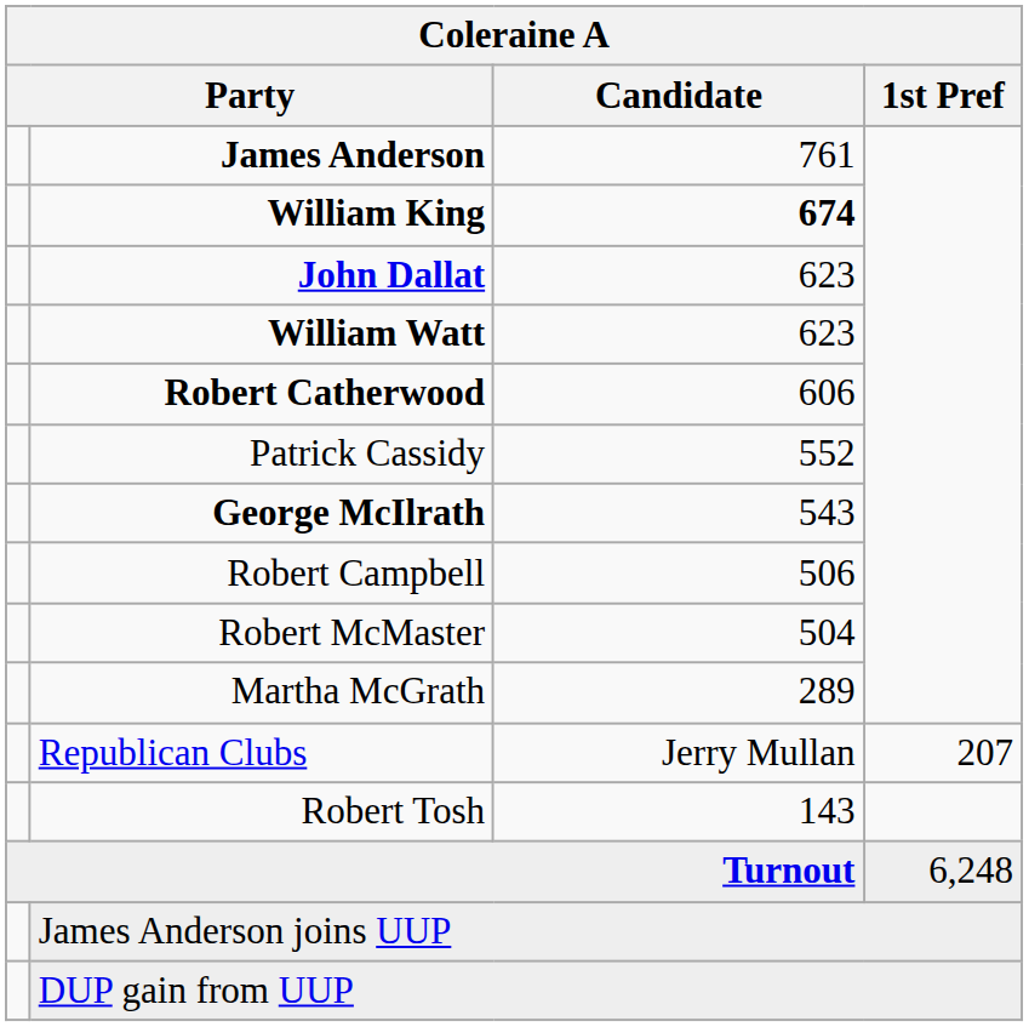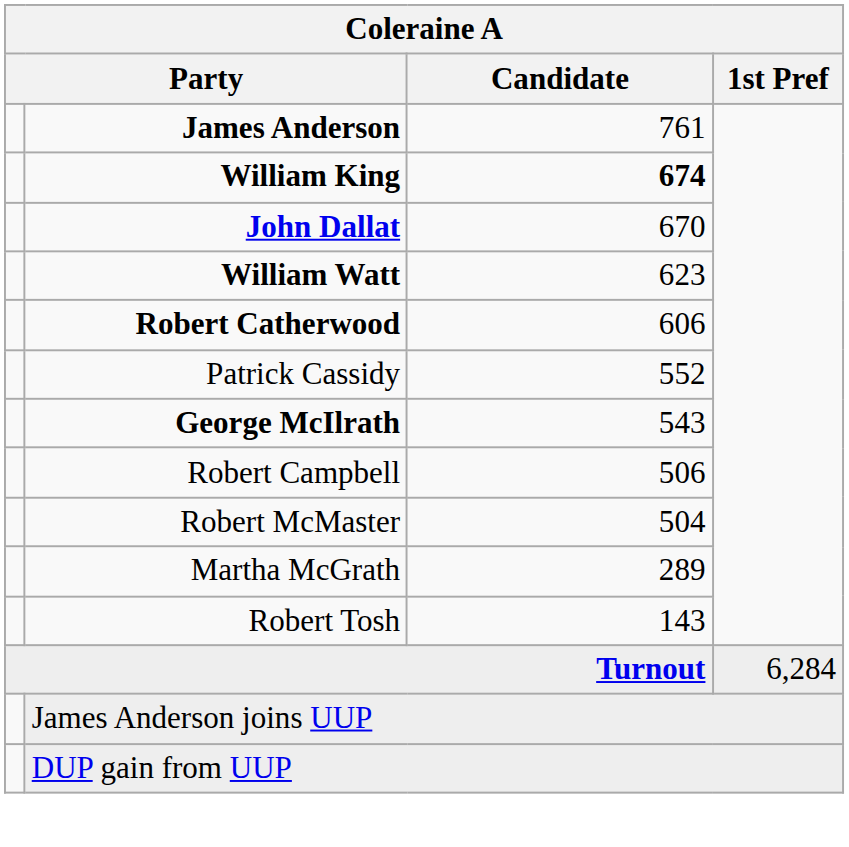 <table class="wikitable">
 <tr>
 <th colspan="4" align="center">Coleraine A</th>
 </tr>
 <tr>
 <th colspan="2" align="center" width=200>Party</th>
 <th width=150>Candidate</th>
 <th width=60>1st Pref</th>
 </tr>
 <tr>
 <td></td>
 <td align="right"><strong>James Anderson</strong></td>
 <td align="right">761</td>
 </tr>
 <tr>
 <td></td>
 <td align="right"><strong>William King</strong></td>
 <td align="right"><strong>674</strong></td>
 </tr>
 <tr>
 <td></td>
 <td align="right"><strong><a href='#'>John Dallat</a></strong></td>
-<td align="right">623</td>
+<td align="right">670</td>
 </tr>
 <tr>
 <td></td>
 <td align="right"><strong>William Watt</strong></td>
 <td align="right">623</td>
 </tr>
 <tr>
 <td></td>
 <td align="right"><strong>Robert Catherwood</strong></td>
 <td align="right">606</td>
 </tr>
 <tr>
 <td></td>
 <td align="right">Patrick Cassidy</td>
 <td align="right">552</td>
 </tr>
 <tr>
 <td></td>
 <td align="right"><strong>George McIlrath</strong></td>
 <td align="right">543</td>
 </tr>
 <tr>
 <td></td>
 <td align="right">Robert Campbell</td>
 <td align="right">506</td>
 </tr>
 <tr>
 <td></td>
 <td align="right">Robert McMaster</td>
 <td align="right">504</td>
 </tr>
 <tr>
 <td></td>
 <td align="right">Martha McGrath</td>
 <td align="right">289</td>
 </tr>
 <tr>
-<td style="background-color: "></td>
-<td><a href='#'>Republican Clubs</a></td>
-<td align="right">Jerry Mullan</td>
-<td align="right">207</td>
-</tr>
-<tr>
 <td></td>
 <td align="right">Robert Tosh</td>
 <td align="right">143</td>
 </tr>
 <tr bgcolor="EEEEEE">
 <td colspan=3 align="right"><strong><a href='#'>Turnout</a></strong></td>
-<td align="right">6,248</td>
+<td align="right">6,284</td>
 </tr>
 <tr>
 <td bgcolor=></td>
 <td colspan=3 bgcolor="EEEEEE">James Anderson joins <a href='#'>UUP</a></td>
 </tr>
 <tr>
 <td bgcolor=></td>
 <td colspan=3 bgcolor="EEEEEE"><a href='#'>DUP</a> gain from <a href='#'>UUP</a></td>
 </tr>
 </table>
